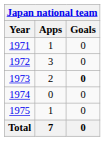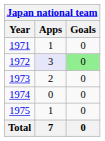 <table class="wikitable" style="text-align:center">
 <tr>
 <th colspan=3><a href='#'>Japan national team</a></th>
 </tr>
 <tr>
 <th>Year</th>
 <th>Apps</th>
 <th>Goals</th>
 </tr>
 <tr>
 <td><a href='#'>1971</a></td>
 <td>1</td>
 <td>0</td>
 </tr>
 <tr>
 <td><a href='#'>1972</a></td>
-<td>3</td>
-<td>0</td>
+<td style="background: lavender;">3</td>
+<td style="background: lightgreen;">0</td>
 </tr>
 <tr>
 <td><a href='#'>1973</a></td>
 <td>2</td>
-<td><strong>0</strong></td>
+<td>0</td>
 </tr>
 <tr>
 <td><a href='#'>1974</a></td>
 <td>0</td>
 <td>0</td>
 </tr>
 <tr>
 <td><a href='#'>1975</a></td>
 <td>1</td>
 <td>0</td>
 </tr>
 <tr>
 <th>Total</th>
 <th>7</th>
 <th>0</th>
 </tr>
 </table>
